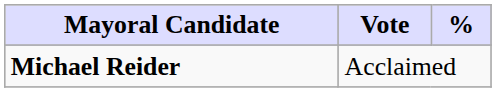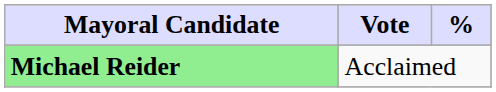 <table class="wikitable">
 <tr>
 <th style="background:#ddf; width:200px;">Mayoral Candidate</th>
 <th style="background:#ddf; width:50px;">Vote</th>
 <th style="background:#ddf; width:30px;">%</th>
 </tr>
 <tr>
-<td><strong>Michael Reider</strong></td>
+<td style="background: lightgreen;"><strong>Michael Reider</strong></td>
 <td colspan="2">Acclaimed</td>
 </tr>
 </table>
